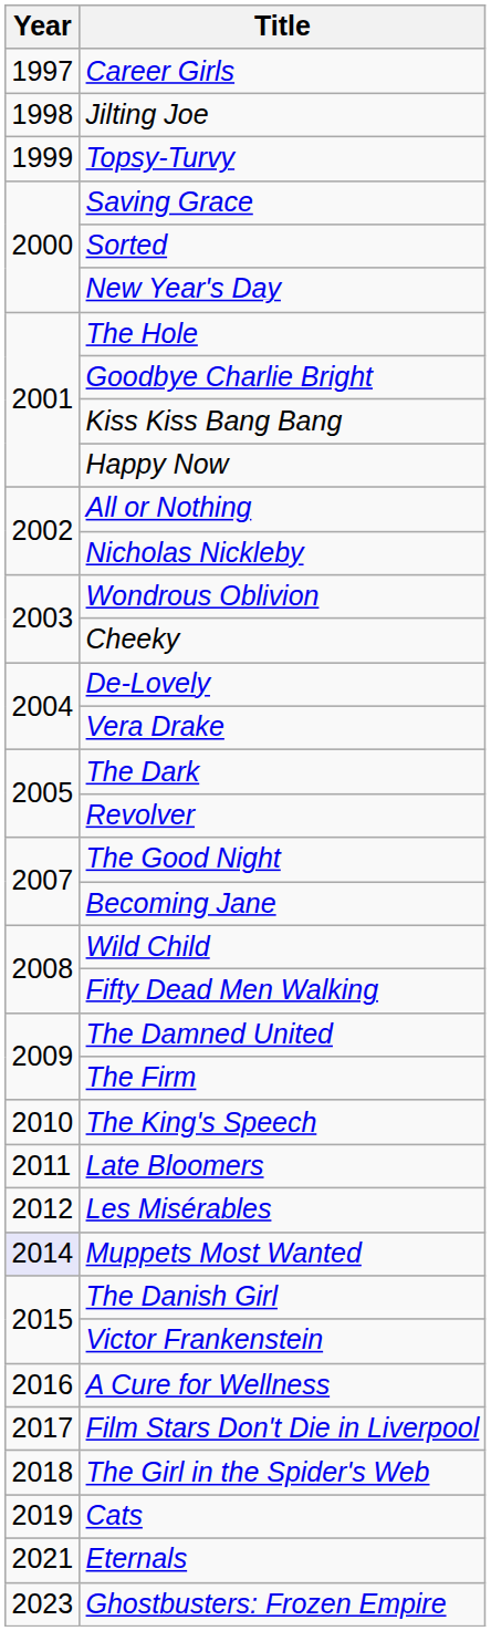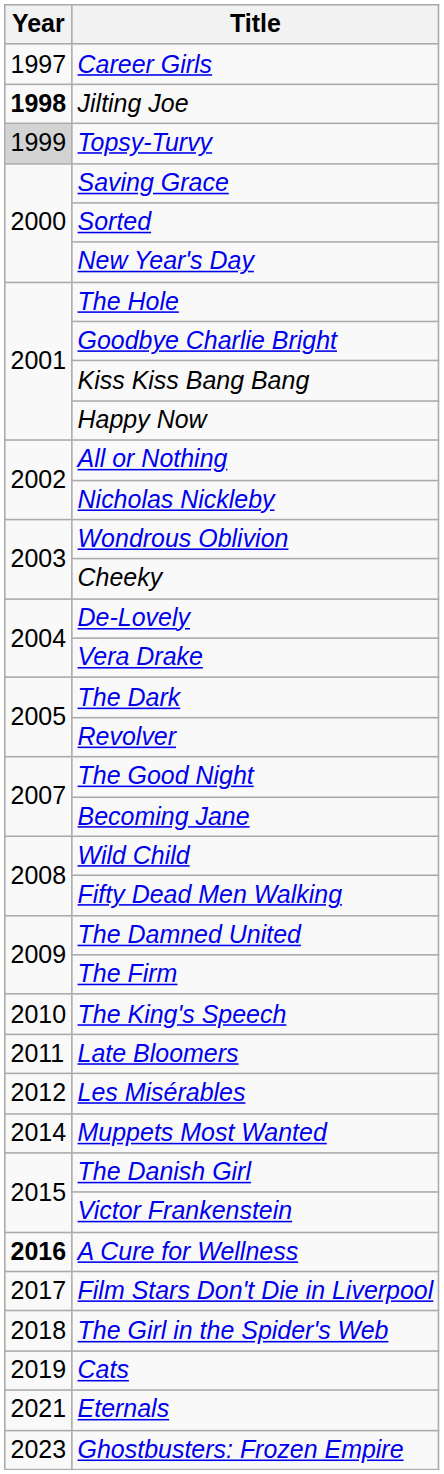 <table class="wikitable">
 <tr>
 <th>Year</th>
 <th>Title</th>
 </tr>
 <tr>
 <td>1997</td>
 <td><em><a href='#'>Career Girls</a></em></td>
 </tr>
 <tr>
-<td>1998</td>
+<td><strong>1998</strong></td>
 <td><em>Jilting Joe</em></td>
 </tr>
 <tr>
-<td>1999</td>
+<td style="background: lightgrey;">1999</td>
 <td><em><a href='#'>Topsy-Turvy</a></em></td>
 </tr>
 <tr>
 <td rowspan=3>2000</td>
 <td><em><a href='#'>Saving Grace</a></em></td>
 </tr>
 <tr>
 <td><em><a href='#'>Sorted</a></em></td>
 </tr>
 <tr>
 <td><em><a href='#'>New Year's Day</a></em></td>
 </tr>
 <tr>
 <td rowspan=4>2001</td>
 <td><em><a href='#'>The Hole</a></em></td>
 </tr>
 <tr>
 <td><em><a href='#'>Goodbye Charlie Bright</a></em></td>
 </tr>
 <tr>
 <td><em> Kiss Kiss Bang Bang</em></td>
 </tr>
 <tr>
 <td><em>Happy Now</em></td>
 </tr>
 <tr>
 <td rowspan=2>2002</td>
 <td><em><a href='#'>All or Nothing</a></em></td>
 </tr>
 <tr>
 <td><em><a href='#'>Nicholas Nickleby</a></em></td>
 </tr>
 <tr>
 <td rowspan=2>2003</td>
 <td><em><a href='#'>Wondrous Oblivion</a></em></td>
 </tr>
 <tr>
 <td><em>Cheeky</em></td>
 </tr>
 <tr>
 <td rowspan=2>2004</td>
 <td><em><a href='#'>De-Lovely</a></em></td>
 </tr>
 <tr>
 <td><em><a href='#'>Vera Drake</a></em></td>
 </tr>
 <tr>
 <td rowspan=2>2005</td>
 <td><em><a href='#'>The Dark</a></em></td>
 </tr>
 <tr>
 <td><em><a href='#'>Revolver</a></em></td>
 </tr>
 <tr>
 <td rowspan=2>2007</td>
 <td><em><a href='#'>The Good Night</a></em></td>
 </tr>
 <tr>
 <td><em><a href='#'>Becoming Jane</a></em></td>
 </tr>
 <tr>
 <td rowspan=2>2008</td>
 <td><em><a href='#'>Wild Child</a></em></td>
 </tr>
 <tr>
 <td><em><a href='#'>Fifty Dead Men Walking</a></em></td>
 </tr>
 <tr>
 <td rowspan=2>2009</td>
 <td><em><a href='#'>The Damned United</a></em></td>
 </tr>
 <tr>
 <td><em><a href='#'>The Firm</a></em></td>
 </tr>
 <tr>
 <td>2010</td>
 <td><em><a href='#'>The King's Speech</a></em></td>
 </tr>
 <tr>
 <td>2011</td>
 <td><em><a href='#'>Late Bloomers</a></em></td>
 </tr>
 <tr>
 <td>2012</td>
 <td><em><a href='#'>Les Misérables</a></em></td>
 </tr>
 <tr>
-<td style="background: lavender;">2014</td>
+<td>2014</td>
 <td><em><a href='#'>Muppets Most Wanted</a></em></td>
 </tr>
 <tr>
 <td rowspan=2>2015</td>
 <td><em><a href='#'>The Danish Girl</a></em></td>
 </tr>
 <tr>
 <td><em><a href='#'>Victor Frankenstein</a></em></td>
 </tr>
 <tr>
-<td>2016</td>
+<td><strong>2016</strong></td>
 <td><em><a href='#'>A Cure for Wellness</a></em></td>
 </tr>
 <tr>
 <td>2017</td>
 <td><em><a href='#'>Film Stars Don't Die in Liverpool</a></em></td>
 </tr>
 <tr>
 <td>2018</td>
 <td><em><a href='#'>The Girl in the Spider's Web</a></em></td>
 </tr>
 <tr>
 <td>2019</td>
 <td><em><a href='#'>Cats</a></em></td>
 </tr>
 <tr>
 <td>2021</td>
 <td><em><a href='#'>Eternals</a></em></td>
 </tr>
 <tr>
 <td>2023</td>
 <td><em><a href='#'>Ghostbusters: Frozen Empire</a></em></td>
 </tr>
 </table>
